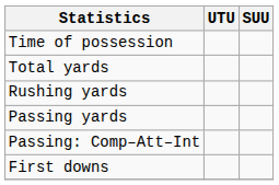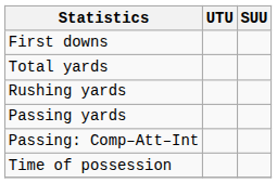 <table class="wikitable" style="float: left;">
 <tr>
 <th>Statistics</th>
 <th>UTU</th>
 <th>SUU</th>
 </tr>
 <tr>
-<td>Time of possession</td>
+<td>First downs</td>
 <td></td>
 <td></td>
 </tr>
 <tr>
 <td>Total yards</td>
 <td></td>
 <td></td>
 </tr>
 <tr>
 <td>Rushing yards</td>
 <td></td>
 <td></td>
 </tr>
 <tr>
 <td>Passing yards</td>
 <td></td>
 <td></td>
 </tr>
 <tr>
 <td>Passing: Comp–Att–Int</td>
 <td></td>
 <td></td>
 </tr>
 <tr>
-<td>First downs</td>
+<td>Time of possession</td>
 <td></td>
 <td></td>
 </tr>
 <tr>
 </tr>
 </table>
